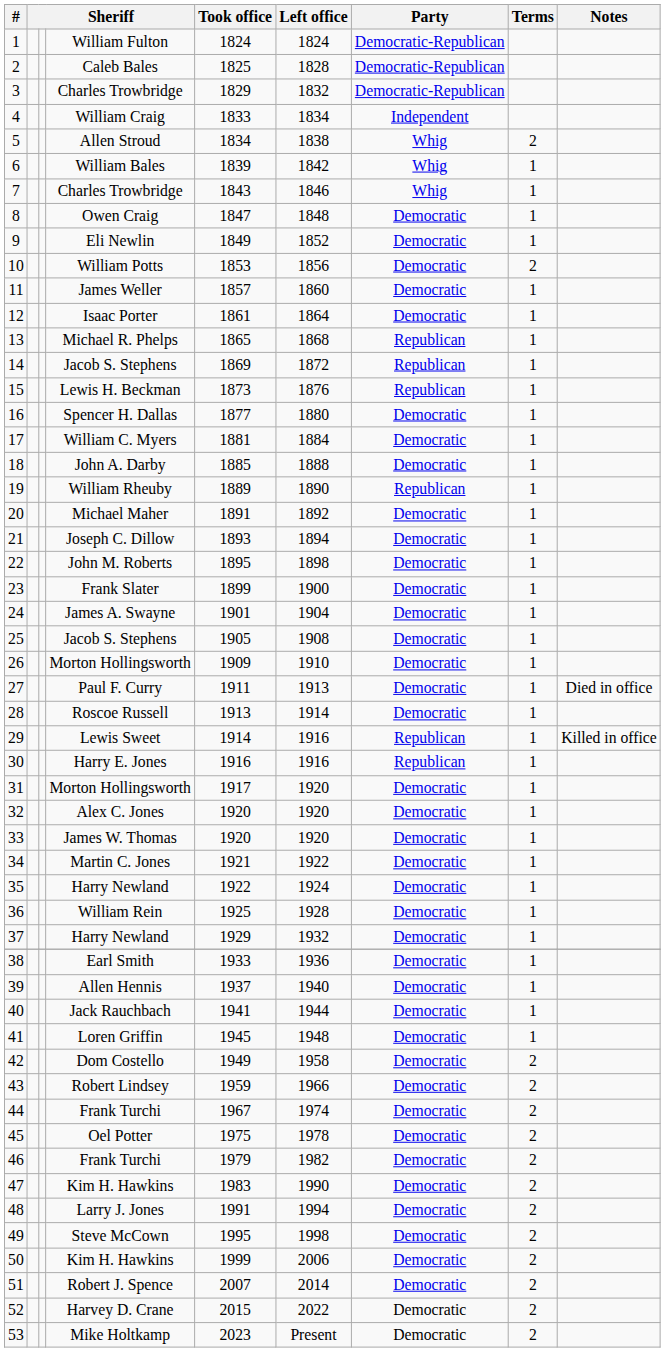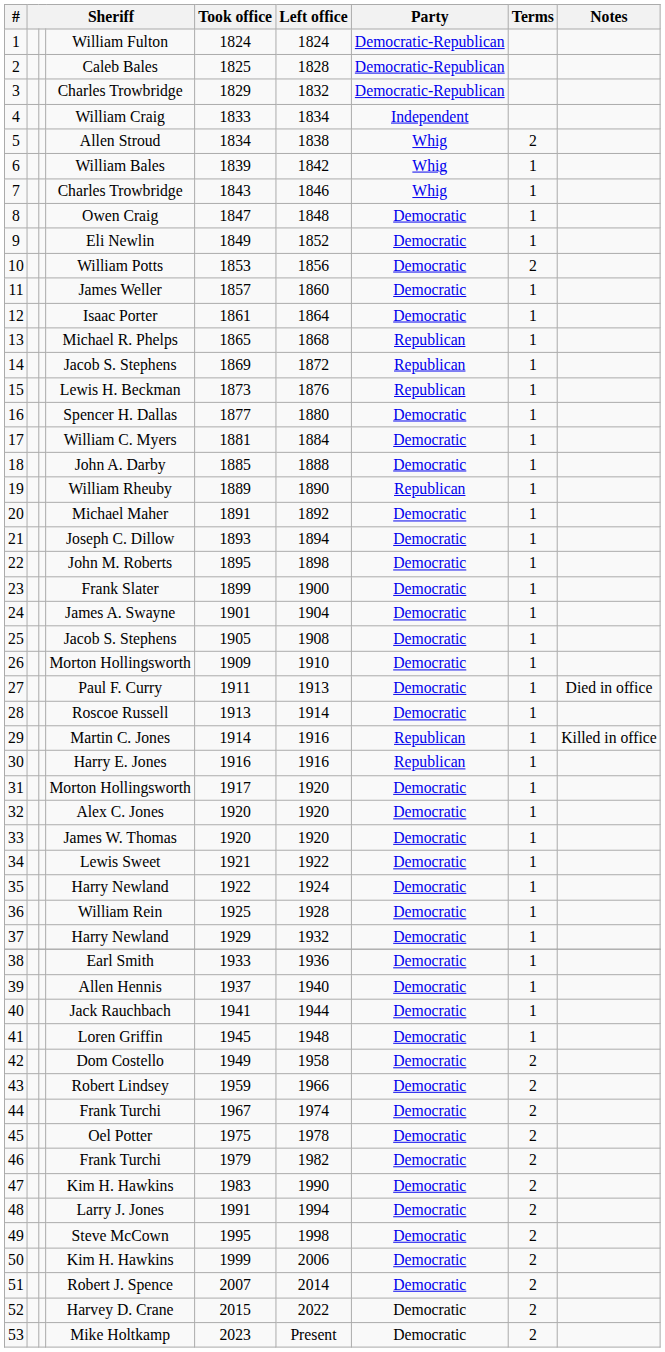 <table class="wikitable" style="text-align:center;">
 <tr>
 <th>#</th>
 <th colspan=3>Sheriff</th>
 <th>Took office</th>
 <th>Left office</th>
 <th>Party</th>
 <th>Terms</th>
 <th>Notes</th>
 </tr>
 <tr>
 <td>1</td>
 <td bgcolor=> </td>
 <td></td>
 <td>William Fulton</td>
 <td>1824</td>
 <td>1824</td>
 <td><a href='#'>Democratic-Republican</a></td>
 <td></td>
 <td></td>
 </tr>
 <tr>
 <td>2</td>
 <td bgcolor=> </td>
 <td></td>
 <td>Caleb Bales</td>
 <td>1825</td>
 <td>1828</td>
 <td><a href='#'>Democratic-Republican</a></td>
 <td></td>
 <td></td>
 </tr>
 <tr>
 <td>3</td>
 <td bgcolor=> </td>
 <td></td>
 <td>Charles Trowbridge</td>
 <td>1829</td>
 <td>1832</td>
 <td><a href='#'>Democratic-Republican</a></td>
 <td></td>
 <td></td>
 </tr>
 <tr>
 <td>4</td>
 <td></td>
 <td></td>
 <td>William Craig</td>
 <td>1833</td>
 <td>1834</td>
 <td><a href='#'>Independent</a></td>
 <td></td>
 <td></td>
 </tr>
 <tr>
 <td>5</td>
 <td bgcolor=> </td>
 <td></td>
 <td>Allen Stroud</td>
 <td>1834</td>
 <td>1838</td>
 <td><a href='#'>Whig</a></td>
 <td>2</td>
 <td></td>
 </tr>
 <tr>
 <td>6</td>
 <td bgcolor=> </td>
 <td></td>
 <td>William Bales</td>
 <td>1839</td>
 <td>1842</td>
 <td><a href='#'>Whig</a></td>
 <td>1</td>
 <td></td>
 </tr>
 <tr>
 <td>7</td>
 <td bgcolor=> </td>
 <td></td>
 <td>Charles Trowbridge</td>
 <td>1843</td>
 <td>1846</td>
 <td><a href='#'>Whig</a></td>
 <td>1</td>
 <td></td>
 </tr>
 <tr>
 <td>8</td>
 <td bgcolor=> </td>
 <td></td>
 <td>Owen Craig</td>
 <td>1847</td>
 <td>1848</td>
 <td><a href='#'>Democratic</a></td>
 <td>1</td>
 <td></td>
 </tr>
 <tr>
 <td>9</td>
 <td bgcolor=> </td>
 <td></td>
 <td>Eli Newlin</td>
 <td>1849</td>
 <td>1852</td>
 <td><a href='#'>Democratic</a></td>
 <td>1</td>
 <td></td>
 </tr>
 <tr>
 <td>10</td>
 <td bgcolor=> </td>
 <td></td>
 <td>William Potts</td>
 <td>1853</td>
 <td>1856</td>
 <td><a href='#'>Democratic</a></td>
 <td>2</td>
 <td></td>
 </tr>
 <tr>
 <td>11</td>
 <td bgcolor=> </td>
 <td></td>
 <td>James Weller</td>
 <td>1857</td>
 <td>1860</td>
 <td><a href='#'>Democratic</a></td>
 <td>1</td>
 <td></td>
 </tr>
 <tr>
 <td>12</td>
 <td bgcolor=> </td>
 <td></td>
 <td>Isaac Porter</td>
 <td>1861</td>
 <td>1864</td>
 <td><a href='#'>Democratic</a></td>
 <td>1</td>
 <td></td>
 </tr>
 <tr>
 <td>13</td>
 <td bgcolor=> </td>
 <td></td>
 <td>Michael R. Phelps</td>
 <td>1865</td>
 <td>1868</td>
 <td><a href='#'>Republican</a></td>
 <td>1</td>
 <td></td>
 </tr>
 <tr>
 <td>14</td>
 <td bgcolor=> </td>
 <td></td>
 <td>Jacob S. Stephens</td>
 <td>1869</td>
 <td>1872</td>
 <td><a href='#'>Republican</a></td>
 <td>1</td>
 <td></td>
 </tr>
 <tr>
 <td>15</td>
 <td bgcolor=> </td>
 <td></td>
 <td>Lewis H. Beckman</td>
 <td>1873</td>
 <td>1876</td>
 <td><a href='#'>Republican</a></td>
 <td>1</td>
 <td></td>
 </tr>
 <tr>
 <td>16</td>
 <td bgcolor=> </td>
 <td></td>
 <td>Spencer H. Dallas</td>
 <td>1877</td>
 <td>1880</td>
 <td><a href='#'>Democratic</a></td>
 <td>1</td>
 <td></td>
 </tr>
 <tr>
 <td>17</td>
 <td bgcolor=> </td>
 <td></td>
 <td>William C. Myers</td>
 <td>1881</td>
 <td>1884</td>
 <td><a href='#'>Democratic</a></td>
 <td>1</td>
 <td></td>
 </tr>
 <tr>
 <td>18</td>
 <td bgcolor=> </td>
 <td></td>
 <td>John A. Darby</td>
 <td>1885</td>
 <td>1888</td>
 <td><a href='#'>Democratic</a></td>
 <td>1</td>
 <td></td>
 </tr>
 <tr>
 <td>19</td>
 <td bgcolor=> </td>
 <td></td>
 <td>William Rheuby</td>
 <td>1889</td>
 <td>1890</td>
 <td><a href='#'>Republican</a></td>
 <td>1</td>
 <td></td>
 </tr>
 <tr>
 <td>20</td>
 <td bgcolor=> </td>
 <td></td>
 <td>Michael Maher</td>
 <td>1891</td>
 <td>1892</td>
 <td><a href='#'>Democratic</a></td>
 <td>1</td>
 <td></td>
 </tr>
 <tr>
 <td>21</td>
 <td bgcolor=> </td>
 <td></td>
 <td>Joseph C. Dillow</td>
 <td>1893</td>
 <td>1894</td>
 <td><a href='#'>Democratic</a></td>
 <td>1</td>
 <td></td>
 </tr>
 <tr>
 <td>22</td>
 <td bgcolor=> </td>
 <td></td>
 <td>John M. Roberts</td>
 <td>1895</td>
 <td>1898</td>
 <td><a href='#'>Democratic</a></td>
 <td>1</td>
 <td></td>
 </tr>
 <tr>
 <td>23</td>
 <td bgcolor=> </td>
 <td></td>
 <td>Frank Slater</td>
 <td>1899</td>
 <td>1900</td>
 <td><a href='#'>Democratic</a></td>
 <td>1</td>
 <td></td>
 </tr>
 <tr>
 <td>24</td>
 <td bgcolor=> </td>
 <td></td>
 <td>James A. Swayne</td>
 <td>1901</td>
 <td>1904</td>
 <td><a href='#'>Democratic</a></td>
 <td>1</td>
 <td></td>
 </tr>
 <tr>
 <td>25</td>
 <td bgcolor=> </td>
 <td></td>
 <td>Jacob S. Stephens</td>
 <td>1905</td>
 <td>1908</td>
 <td><a href='#'>Democratic</a></td>
 <td>1</td>
 <td></td>
 </tr>
 <tr>
 <td>26</td>
 <td bgcolor=> </td>
 <td></td>
 <td>Morton Hollingsworth</td>
 <td>1909</td>
 <td>1910</td>
 <td><a href='#'>Democratic</a></td>
 <td>1</td>
 <td></td>
 </tr>
 <tr>
 <td>27</td>
 <td bgcolor=> </td>
 <td></td>
 <td>Paul F. Curry</td>
 <td>1911</td>
 <td>1913</td>
 <td><a href='#'>Democratic</a></td>
 <td>1</td>
 <td>Died in office</td>
 </tr>
 <tr>
 <td>28</td>
 <td> </td>
 <td></td>
 <td>Roscoe Russell</td>
 <td>1913</td>
 <td>1914</td>
 <td><a href='#'>Democratic</a></td>
 <td>1</td>
 <td></td>
 </tr>
 <tr>
 <td>29</td>
 <td bgcolor=> </td>
 <td></td>
-<td>Lewis Sweet</td>
+<td>Martin C. Jones</td>
 <td>1914</td>
 <td>1916</td>
 <td><a href='#'>Republican</a></td>
 <td>1</td>
 <td>Killed in office</td>
 </tr>
 <tr>
 <td>30</td>
 <td bgcolor=> </td>
 <td></td>
 <td>Harry E. Jones</td>
 <td>1916</td>
 <td>1916</td>
 <td><a href='#'>Republican</a></td>
 <td>1</td>
 <td></td>
 </tr>
 <tr>
 <td>31</td>
 <td> </td>
 <td></td>
 <td>Morton Hollingsworth</td>
 <td>1917</td>
 <td>1920</td>
 <td><a href='#'>Democratic</a></td>
 <td>1</td>
 <td></td>
 </tr>
 <tr>
 <td>32</td>
 <td> </td>
 <td></td>
 <td>Alex C. Jones</td>
 <td>1920</td>
 <td>1920</td>
 <td><a href='#'>Democratic</a></td>
 <td>1</td>
 <td></td>
 </tr>
 <tr>
 <td>33</td>
 <td> </td>
 <td></td>
 <td>James W. Thomas</td>
 <td>1920</td>
 <td>1920</td>
 <td><a href='#'>Democratic</a></td>
 <td>1</td>
 <td></td>
 </tr>
 <tr>
 <td>34</td>
 <td> </td>
 <td></td>
-<td>Martin C. Jones</td>
+<td>Lewis Sweet</td>
 <td>1921</td>
 <td>1922</td>
 <td><a href='#'>Democratic</a></td>
 <td>1</td>
 <td></td>
 </tr>
 <tr>
 <td>35</td>
 <td> </td>
 <td></td>
 <td>Harry Newland</td>
 <td>1922</td>
 <td>1924</td>
 <td><a href='#'>Democratic</a></td>
 <td>1</td>
 <td></td>
 </tr>
 <tr>
 <td>36</td>
 <td> </td>
 <td></td>
 <td>William Rein</td>
 <td>1925</td>
 <td>1928</td>
 <td><a href='#'>Democratic</a></td>
 <td>1</td>
 <td></td>
 </tr>
 <tr>
 <td>37</td>
 <td> </td>
 <td></td>
 <td>Harry Newland</td>
 <td>1929</td>
 <td>1932</td>
 <td><a href='#'>Democratic</a></td>
 <td>1</td>
 <td></td>
 </tr>
 <tr>
 </tr>
 <tr>
 <td>38</td>
 <td bgcolor=> </td>
 <td></td>
 <td>Earl Smith</td>
 <td>1933</td>
 <td>1936</td>
 <td><a href='#'>Democratic</a></td>
 <td>1</td>
 <td></td>
 </tr>
 <tr>
 <td>39</td>
 <td bgcolor=> </td>
 <td></td>
 <td>Allen Hennis</td>
 <td>1937</td>
 <td>1940</td>
 <td><a href='#'>Democratic</a></td>
 <td>1</td>
 <td></td>
 </tr>
 <tr>
 <td>40</td>
 <td bgcolor=> </td>
 <td></td>
 <td>Jack Rauchbach</td>
 <td>1941</td>
 <td>1944</td>
 <td><a href='#'>Democratic</a></td>
 <td>1</td>
 <td></td>
 </tr>
 <tr>
 <td>41</td>
 <td bgcolor=> </td>
 <td></td>
 <td>Loren Griffin</td>
 <td>1945</td>
 <td>1948</td>
 <td><a href='#'>Democratic</a></td>
 <td>1</td>
 <td></td>
 </tr>
 <tr>
 <td>42</td>
 <td bgcolor=> </td>
 <td></td>
 <td>Dom Costello</td>
 <td>1949</td>
 <td>1958</td>
 <td><a href='#'>Democratic</a></td>
 <td>2</td>
 <td></td>
 </tr>
 <tr>
 <td>43</td>
 <td bgcolor=> </td>
 <td></td>
 <td>Robert Lindsey</td>
 <td>1959</td>
 <td>1966</td>
 <td><a href='#'>Democratic</a></td>
 <td>2</td>
 <td></td>
 </tr>
 <tr>
 <td>44</td>
 <td bgcolor=> </td>
 <td></td>
 <td>Frank Turchi</td>
 <td>1967</td>
 <td>1974</td>
 <td><a href='#'>Democratic</a></td>
 <td>2</td>
 <td></td>
 </tr>
 <tr>
 <td>45</td>
 <td bgcolor=> </td>
 <td></td>
 <td>Oel Potter</td>
 <td>1975</td>
 <td>1978</td>
 <td><a href='#'>Democratic</a></td>
 <td>2</td>
 <td></td>
 </tr>
 <tr>
 <td>46</td>
 <td bgcolor=> </td>
 <td></td>
 <td>Frank Turchi</td>
 <td>1979</td>
 <td>1982</td>
 <td><a href='#'>Democratic</a></td>
 <td>2</td>
 <td></td>
 </tr>
 <tr>
 <td>47</td>
 <td bgcolor=> </td>
 <td></td>
 <td>Kim H. Hawkins</td>
 <td>1983</td>
 <td>1990</td>
 <td><a href='#'>Democratic</a></td>
 <td>2</td>
 <td></td>
 </tr>
 <tr>
 <td>48</td>
 <td bgcolor=> </td>
 <td></td>
 <td>Larry J. Jones</td>
 <td>1991</td>
 <td>1994</td>
 <td><a href='#'>Democratic</a></td>
 <td>2</td>
 <td></td>
 </tr>
 <tr>
 <td>49</td>
 <td bgcolor=> </td>
 <td></td>
 <td>Steve McCown</td>
 <td>1995</td>
 <td>1998</td>
 <td><a href='#'>Democratic</a></td>
 <td>2</td>
 <td></td>
 </tr>
 <tr>
 <td>50</td>
 <td bgcolor=> </td>
 <td></td>
 <td>Kim H. Hawkins</td>
 <td>1999</td>
 <td>2006</td>
 <td><a href='#'>Democratic</a></td>
 <td>2</td>
 <td></td>
 </tr>
 <tr>
 <td>51</td>
 <td bgcolor=> </td>
 <td></td>
 <td>Robert J. Spence</td>
 <td>2007</td>
 <td>2014</td>
 <td><a href='#'>Democratic</a></td>
 <td>2</td>
 <td></td>
 </tr>
 <tr>
 <td>52</td>
 <td bgcolor=> </td>
 <td></td>
 <td>Harvey D. Crane</td>
 <td>2015</td>
 <td>2022</td>
 <td>Democratic</td>
 <td>2</td>
 <td></td>
 </tr>
 <tr>
 <td>53</td>
 <td bgcolor=> </td>
 <td></td>
 <td>Mike Holtkamp</td>
 <td>2023</td>
 <td>Present</td>
 <td>Democratic</td>
 <td>2</td>
 <td></td>
 </tr>
 </table>
